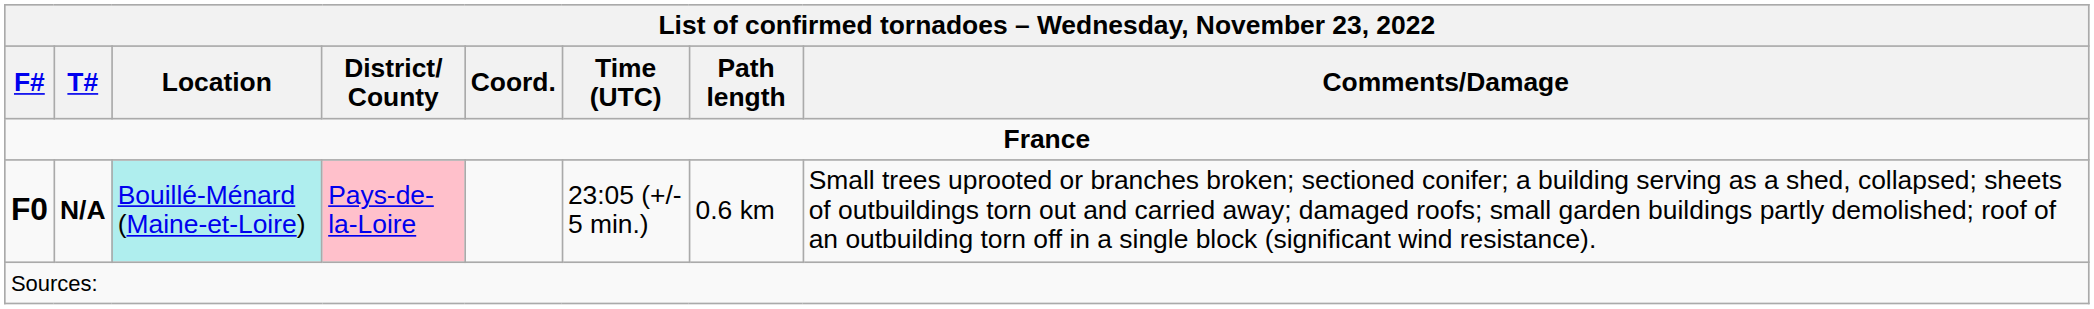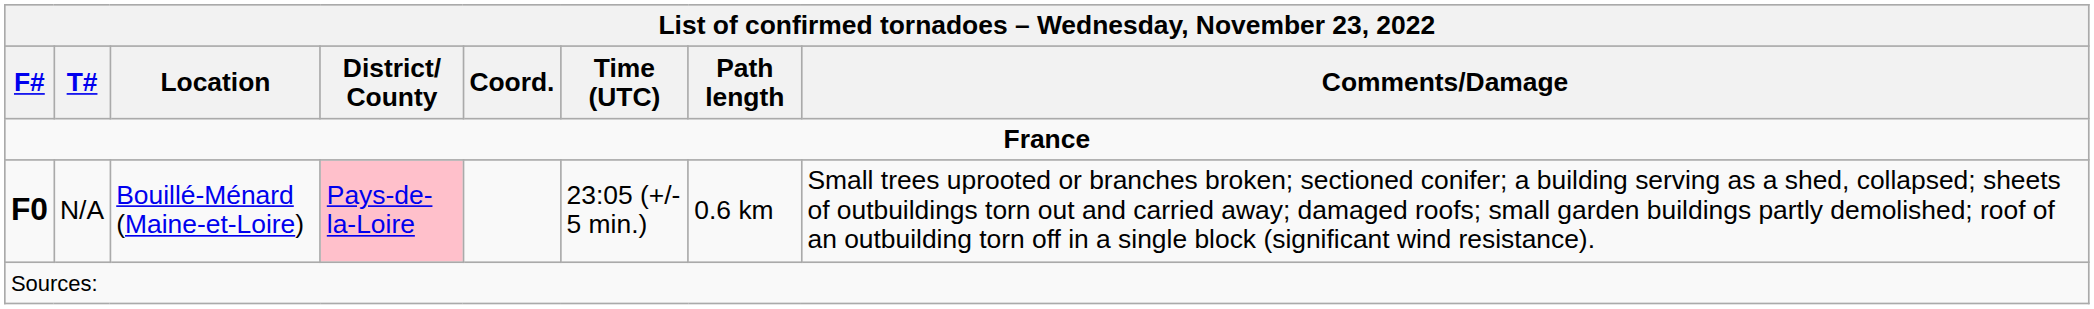 <table class="wikitable collapsible" width="100%">
 <tr>
 <th colspan="8">List of confirmed tornadoes – Wednesday, November 23, 2022</th>
 </tr>
 <tr>
 <th><a href='#'>F#</a></th>
 <th><a href='#'>T#</a></th>
 <th>Location</th>
 <th>District/<br>County</th>
 <th>Coord.</th>
 <th>Time (UTC)</th>
 <th>Path length</th>
 <th>Comments/Damage</th>
 </tr>
 <tr>
 <td colspan="8" align=center><strong>France</strong></td>
 </tr>
 <tr>
 <td><big><strong>F0</strong></big></td>
-<td><strong>N/A</strong></td>
-<td style="background: paleturquoise;"><a href='#'>Bouillé-Ménard</a> (<a href='#'>Maine-et-Loire</a>)</td>
+<td>N/A</td>
+<td><a href='#'>Bouillé-Ménard</a> (<a href='#'>Maine-et-Loire</a>)</td>
 <td style="background: pink;"><a href='#'>Pays-de-la-Loire</a></td>
 <td></td>
 <td>23:05 (+/- 5 min.)</td>
 <td>0.6 km</td>
 <td>Small trees uprooted or branches broken; sectioned conifer; a building serving as a shed, collapsed; sheets of outbuildings torn out and carried away; damaged roofs; small garden buildings partly demolished; roof of an outbuilding torn off in a single block (significant wind resistance).</td>
 </tr>
 <tr>
 <td colspan="8"><small>Sources:  </small></td>
 </tr>
 </table>
